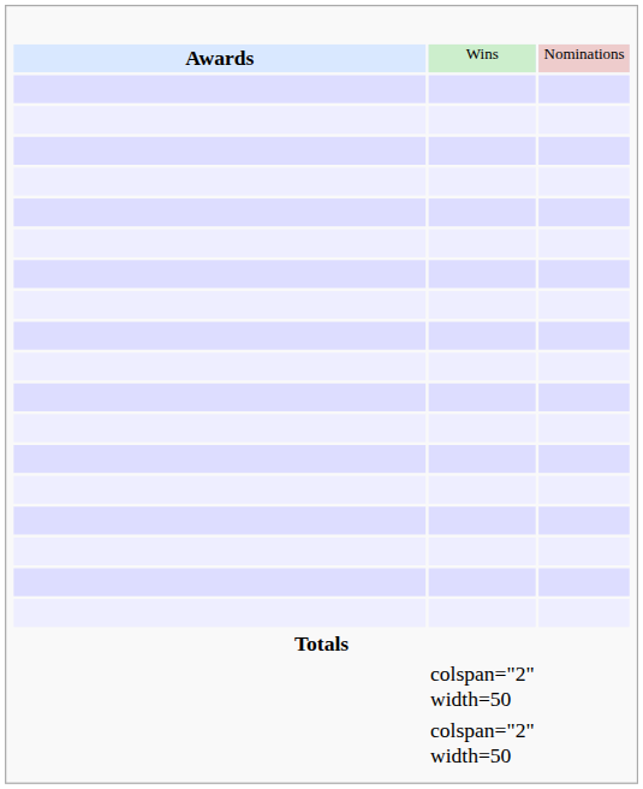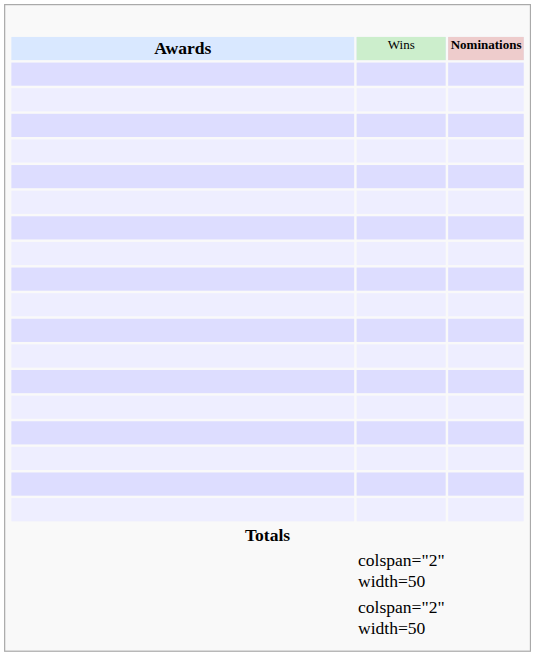 <table class="infobox" style="width: 30em; text-align: left; font-size: 90%; vertical-align: middle;">
 <tr>
 <td colspan="3" style="text-align:center;"><br></td>
 </tr>
 <tr style="background:#d9e8ff; text-align:center;">
 <th style="vertical-align: middle;">Awards</th>
 <td style="background:#cec; font-size:8pt; width:60px;">Wins</td>
-<td style="background:#ecc; font-size:8pt; width:60px;">Nominations</td>
+<td style="background:#ecc; font-size:8pt; width:60px;"><strong>Nominations</strong></td>
 </tr>
 <tr style="background:#ddf;">
 <td style="text-align:center;"><br></td>
 <td></td>
 <td></td>
 </tr>
 <tr style="background:#eef;">
 <td style="text-align:center;"><br></td>
 <td></td>
 <td></td>
 </tr>
 <tr style="background:#ddf;">
 <td style="text-align:center;"><br></td>
 <td></td>
 <td></td>
 </tr>
 <tr style="background:#eef;">
 <td style="text-align:center;"><br></td>
 <td></td>
 <td></td>
 </tr>
 <tr style="background:#ddf;">
 <td style="text-align:center;"><br></td>
 <td></td>
 <td></td>
 </tr>
 <tr style="background:#eef;">
 <td style="text-align:center;"><br></td>
 <td></td>
 <td></td>
 </tr>
 <tr style="background:#ddf;">
 <td style="text-align:center;"><br></td>
 <td></td>
 <td></td>
 </tr>
 <tr style="background:#eef;">
 <td style="text-align:center;"><br></td>
 <td></td>
 <td></td>
 </tr>
 <tr style="background:#ddf;">
 <td style="text-align:center;"><br></td>
 <td></td>
 <td></td>
 </tr>
 <tr style="background:#eef;">
 <td style="text-align:center;"><br></td>
 <td></td>
 <td></td>
 </tr>
 <tr style="background:#ddf;">
 <td style="text-align:center;"><br></td>
 <td></td>
 <td></td>
 </tr>
 <tr style="background:#eef;">
 <td style="text-align:center;"><br></td>
 <td></td>
 <td></td>
 </tr>
 <tr style="background:#ddf;">
 <td style="text-align:center;"><br></td>
 <td></td>
 <td></td>
 </tr>
 <tr style="background:#eef;">
 <td style="text-align:center;"><br></td>
 <td></td>
 <td></td>
 </tr>
 <tr style="background:#ddf;">
 <td style="text-align:center;"><br></td>
 <td></td>
 <td></td>
 </tr>
 <tr style="background:#eef;">
 <td style="text-align:center;"><br></td>
 <td></td>
 <td></td>
 </tr>
 <tr style="background:#ddf;">
 <td style="text-align:center;"><br></td>
 <td></td>
 <td></td>
 </tr>
 <tr style="background:#eef;">
 <td style="text-align:center;"><br></td>
 <td></td>
 <td></td>
 </tr>
 <tr>
 <td colspan="3" style="text-align:center;"><strong>Totals</strong></td>
 </tr>
 <tr>
 <td></td>
 <td>colspan="2" width=50 </td>
 </tr>
 <tr>
 <td></td>
 <td>colspan="2" width=50 </td>
 </tr>
 <tr>
 <td colspan="3"></td>
 </tr>
 </table>
